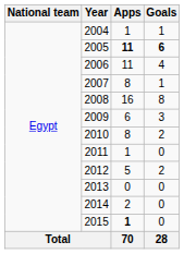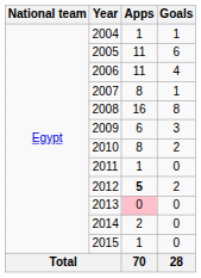 <table class="wikitable" style="text-align:center">
 <tr>
 <th>National team</th>
 <th>Year</th>
 <th>Apps</th>
 <th>Goals</th>
 </tr>
 <tr>
 <td rowspan="12"><a href='#'>Egypt</a></td>
 <td>2004</td>
 <td>1</td>
 <td>1</td>
 </tr>
 <tr>
 <td>2005</td>
-<td><strong>11</strong></td>
-<td><strong>6</strong></td>
+<td>11</td>
+<td>6</td>
 </tr>
 <tr>
 <td>2006</td>
 <td>11</td>
 <td>4</td>
 </tr>
 <tr>
 <td>2007</td>
 <td>8</td>
 <td>1</td>
 </tr>
 <tr>
 <td>2008</td>
 <td>16</td>
 <td>8</td>
 </tr>
 <tr>
 <td>2009</td>
 <td>6</td>
 <td>3</td>
 </tr>
 <tr>
 <td>2010</td>
 <td>8</td>
 <td>2</td>
 </tr>
 <tr>
 <td>2011</td>
 <td>1</td>
 <td>0</td>
 </tr>
 <tr>
 <td>2012</td>
-<td>5</td>
+<td><strong>5</strong></td>
 <td>2</td>
 </tr>
 <tr>
 <td>2013</td>
-<td>0</td>
+<td style="background: pink;">0</td>
 <td>0</td>
 </tr>
 <tr>
 <td>2014</td>
 <td>2</td>
 <td>0</td>
 </tr>
 <tr>
 <td>2015</td>
-<td><strong>1</strong></td>
+<td>1</td>
 <td>0</td>
 </tr>
 <tr>
 <th colspan="2">Total</th>
 <th>70</th>
 <th>28</th>
 </tr>
 </table>
